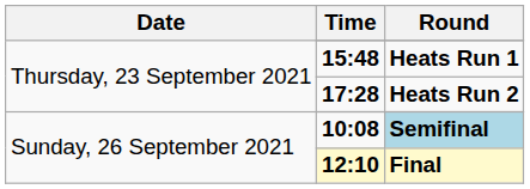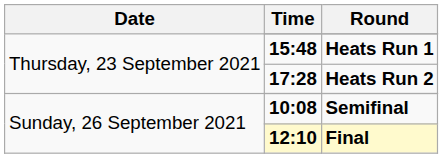 <table class="wikitable">
 <tr>
 <th>Date</th>
 <th>Time</th>
 <th>Round</th>
 </tr>
 <tr>
 <td rowspan=3>Thursday, 23 September 2021</td>
 </tr>
 <tr>
 <td><strong>15:48</strong></td>
 <td><strong>Heats Run 1</strong></td>
 </tr>
 <tr>
 <td><strong>17:28</strong></td>
 <td><strong>Heats Run 2</strong></td>
 </tr>
 <tr>
 <td rowspan=3>Sunday, 26 September 2021</td>
 </tr>
 <tr>
 <td><strong>10:08</strong></td>
-<td style="background: lightblue;"><strong>Semifinal</strong></td>
+<td><strong>Semifinal</strong></td>
 </tr>
 <tr style=background:lemonchiffon>
 <td><strong>12:10</strong></td>
 <td><strong>Final</strong></td>
 </tr>
 </table>
